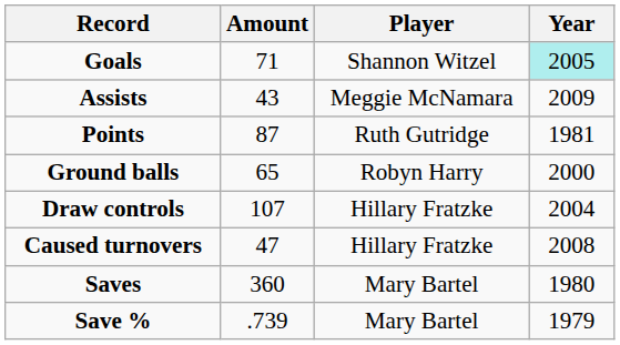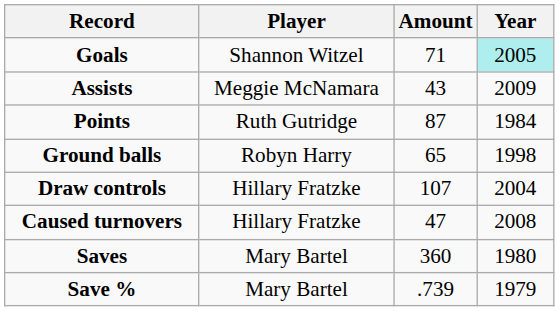 <table class="wikitable">
 <tr>
 <th style="width:140px; ">Record</th>
+<th style="width:140px; ">Player</th>
 <th style="width:35px; ">Amount</th>
-<th style="width:140px; ">Player</th>
 <th style="width:50px; ">Year</th>
 </tr>
 <tr style="text-align:center;">
 <td><strong>Goals</strong></td>
+<td>Shannon Witzel</td>
 <td>71</td>
-<td>Shannon Witzel</td>
 <td style="background: paleturquoise;">2005</td>
 </tr>
 <tr style="text-align:center;">
 <td><strong>Assists</strong></td>
+<td>Meggie McNamara</td>
 <td>43</td>
-<td>Meggie McNamara</td>
 <td>2009</td>
 </tr>
 <tr style="text-align:center;">
 <td><strong>Points</strong></td>
+<td>Ruth Gutridge</td>
 <td>87</td>
-<td>Ruth Gutridge</td>
-<td>1981</td>
+<td>1984</td>
 </tr>
 <tr style="text-align:center;">
 <td><strong>Ground balls</strong></td>
+<td>Robyn Harry</td>
 <td>65</td>
-<td>Robyn Harry</td>
-<td>2000</td>
+<td>1998</td>
 </tr>
 <tr style="text-align:center;">
 <td><strong>Draw controls</strong></td>
+<td>Hillary Fratzke</td>
 <td>107</td>
-<td>Hillary Fratzke</td>
 <td>2004</td>
 </tr>
 <tr style="text-align:center;">
 <td><strong>Caused turnovers</strong></td>
+<td>Hillary Fratzke</td>
 <td>47</td>
-<td>Hillary Fratzke</td>
 <td>2008</td>
 </tr>
 <tr style="text-align:center;">
 <td><strong>Saves</strong></td>
+<td>Mary Bartel</td>
 <td>360</td>
-<td>Mary Bartel</td>
 <td>1980</td>
 </tr>
 <tr style="text-align:center;">
 <td><strong>Save %</strong></td>
+<td>Mary Bartel</td>
 <td>.739</td>
-<td>Mary Bartel</td>
 <td>1979</td>
 </tr>
 </table>
